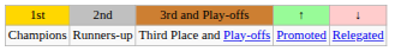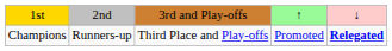 <table class="wikitable" style="text-align:center">
 <tr>
 <td bgcolor=gold>1st</td>
 <td bgcolor=silver>2nd</td>
 <td bgcolor="#CD7F32">3rd and Play-offs</td>
 <td bgcolor="#98FB98">↑</td>
 <td bgcolor="#FFCCCC">↓</td>
 </tr>
 <tr>
 <td>Champions</td>
 <td>Runners-up</td>
 <td>Third Place and <a href='#'>Play-offs</a></td>
 <td><a href='#'>Promoted</a></td>
-<td><a href='#'>Relegated</a></td>
+<td><strong><a href='#'>Relegated</a></strong></td>
 </tr>
 </table>
